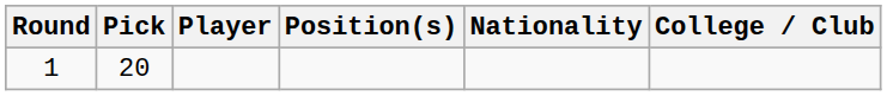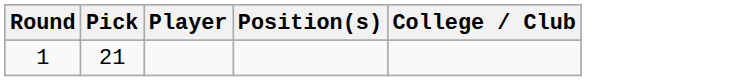 <table class="wikitable sortable sortable">
 <tr>
 <th>Round</th>
 <th>Pick</th>
 <th>Player</th>
 <th>Position(s)</th>
-<th>Nationality</th>
 <th>College / Club</th>
 </tr>
 <tr style="text-align: center">
 <td>1</td>
-<td>20</td>
-<td></td>
+<td>21</td>
 <td></td>
 <td></td>
 <td></td>
 </tr>
 </table>
